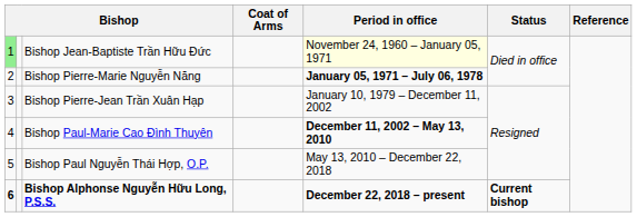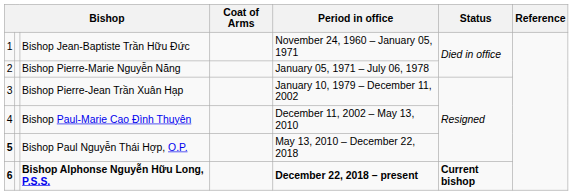 <table class="wikitable">
 <tr>
 <th colspan="3">Bishop</th>
 <th>Coat of Arms</th>
 <th>Period in office</th>
 <th>Status</th>
 <th>Reference</th>
 </tr>
 <tr>
-<td style="background: lightgreen;">1</td>
+<td>1</td>
 <td></td>
 <td>Bishop Jean-Baptiste Trần Hữu Ðức</td>
 <td></td>
-<td style="background: lightyellow;">November 24, 1960 – January 05, 1971</td>
+<td>November 24, 1960 – January 05, 1971</td>
 <td rowspan=2><em>Died in office</em></td>
 <td rowspan=6></td>
 </tr>
 <tr>
 <td>2</td>
 <td></td>
 <td>Bishop Pierre-Marie Nguyễn Năng</td>
 <td></td>
-<td><strong>January 05, 1971 – July 06, 1978</strong></td>
+<td>January 05, 1971 – July 06, 1978</td>
 </tr>
 <tr>
 <td>3</td>
 <td></td>
 <td>Bishop Pierre-Jean Trần Xuân Hạp</td>
 <td></td>
 <td>January 10, 1979 – December 11, 2002</td>
 <td rowspan=3><em>Resigned</em></td>
 </tr>
 <tr>
 <td>4</td>
 <td></td>
 <td>Bishop <a href='#'>Paul-Marie Cao Ðình Thuyên</a></td>
 <td></td>
-<td><strong>December 11, 2002 – May 13, 2010</strong></td>
+<td>December 11, 2002 – May 13, 2010</td>
 </tr>
 <tr>
-<td>5</td>
+<td><strong>5</strong></td>
 <td></td>
 <td>Bishop Paul Nguyễn Thái Hợp, <a href='#'>O.P.</a></td>
 <td></td>
 <td>May 13, 2010 – December 22, 2018</td>
 </tr>
 <tr>
 <td><strong>6</strong></td>
 <td></td>
 <td><strong>Bishop Alphonse Nguyễn Hữu Long, <a href='#'>P.S.S.</a></strong></td>
 <td></td>
 <td><strong>December 22, 2018 – present</strong></td>
 <td><strong>Current bishop</strong></td>
 </tr>
 </table>
